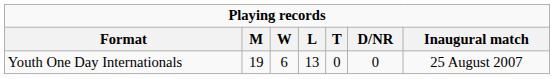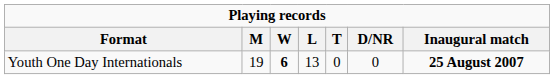 <table class="wikitable" style="text-align: center; width: 600px">
 <tr>
 <td colspan="8" align="center"><strong>Playing records</strong></td>
 </tr>
 <tr>
 <th>Format</th>
 <th>M</th>
 <th>W</th>
 <th>L</th>
 <th>T</th>
 <th>D/NR</th>
 <th>Inaugural match</th>
 </tr>
 <tr>
 <td align="left">Youth One Day Internationals</td>
 <td>19</td>
-<td>6</td>
+<td><strong>6</strong></td>
 <td>13</td>
 <td>0</td>
 <td>0</td>
-<td>25 August 2007</td>
+<td><strong>25 August 2007</strong></td>
 </tr>
 </table>
